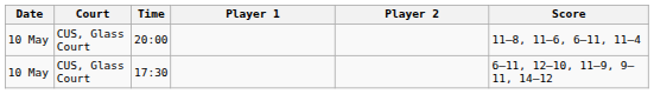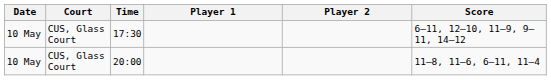 <table class="sortable wikitable" style="font-size:90%">
 <tr>
 <th width="45" class="unsortable">Date</th>
 <th width="75">Court</th>
 <th width="30">Time</th>
 <th width="165">Player 1</th>
 <th width="155">Player 2</th>
 <th width="160" class="unsortable">Score</th>
 </tr>
 <tr>
 <td>10 May</td>
 <td>CUS, Glass Court</td>
+<td>17:30</td>
+<td><strong></strong></td>
+<td></td>
+<td>6–11, 12–10, 11–9, 9–11, 14–12</td>
+</tr>
+<tr>
+<td>10 May</td>
+<td>CUS, Glass Court</td>
 <td>20:00</td>
 <td></td>
 <td><strong></strong></td>
 <td>11–8, 11–6, 6–11, 11–4</td>
 </tr>
-<tr>
-<td>10 May</td>
-<td>CUS, Glass Court</td>
-<td>17:30</td>
-<td><strong></strong></td>
-<td></td>
-<td>6–11, 12–10, 11–9, 9–11, 14–12</td>
-</tr>
 </table>
